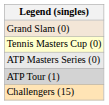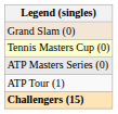 <table class="wikitable">
 <tr>
 <th>Legend (singles)</th>
 </tr>
 <tr bgcolor=#f3e6d7>
 <td>Grand Slam (0)</td>
 </tr>
 <tr bgcolor=#ffffcc>
 <td>Tennis Masters Cup (0)</td>
 </tr>
 <tr bgcolor=#e9e9e9>
 <td>ATP Masters Series (0)</td>
 </tr>
 <tr>
-<td style="background: lightgrey;">ATP Tour (1)</td>
+<td>ATP Tour (1)</td>
 </tr>
 <tr bgcolor="moccasin">
-<td>Challengers (15)</td>
+<td><strong>Challengers (15)</strong></td>
 </tr>
 </table>
